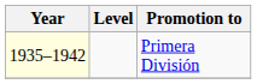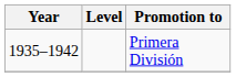 <table class="wikitable sortable">
 <tr>
 <th width=>Year</th>
 <th width=>Level</th>
 <th width=100px>Promotion to</th>
 </tr>
 <tr>
-<td style="background: lightyellow;">1935–1942</td>
+<td>1935–1942</td>
 <td></td>
 <td><a href='#'>Primera División</a></td>
 </tr>
 <tr>
 </tr>
 </table>
